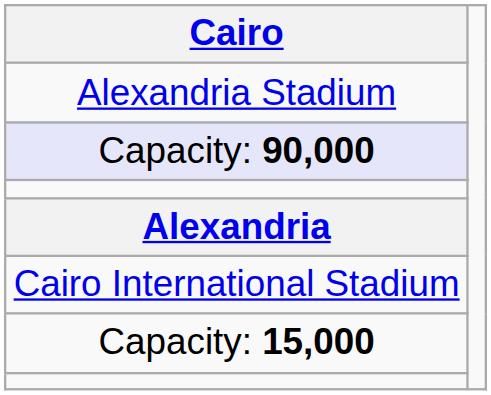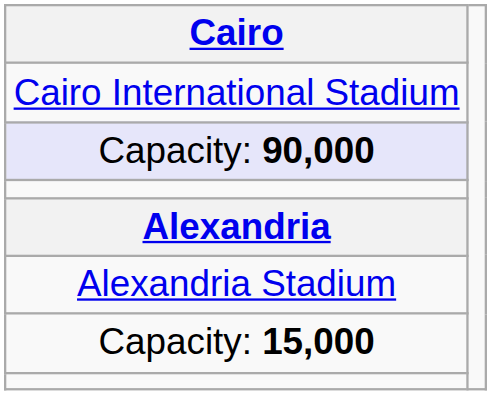 <table class="wikitable" style="text-align:center">
 <tr>
 <th><a href='#'>Cairo</a></th>
 <td rowspan="8"></td>
 </tr>
 <tr>
-<td><a href='#'>Alexandria Stadium</a></td>
+<td><a href='#'>Cairo International Stadium</a></td>
 </tr>
 <tr>
 <td style="background: lavender;">Capacity: <strong>90,000</strong></td>
 </tr>
 <tr>
 <td></td>
 </tr>
 <tr>
 <th><a href='#'>Alexandria</a></th>
 </tr>
 <tr>
-<td><a href='#'>Cairo International Stadium</a></td>
+<td><a href='#'>Alexandria Stadium</a></td>
 </tr>
 <tr>
 <td>Capacity: <strong>15,000</strong></td>
 </tr>
 <tr>
 <td></td>
 </tr>
 </table>
